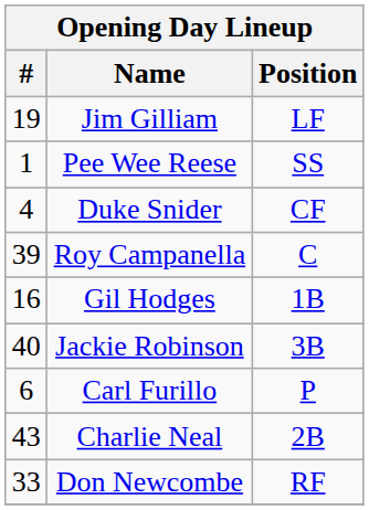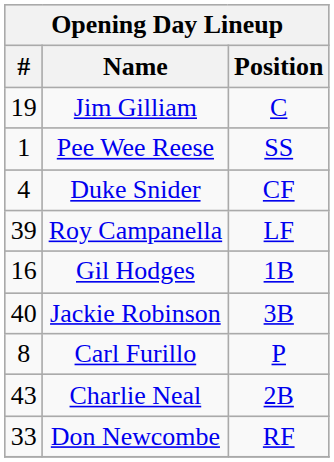 <table class="wikitable" style="text-align:center">
 <tr>
 <th colspan="3">Opening Day Lineup</th>
 </tr>
 <tr>
 <th>#</th>
 <th>Name</th>
 <th>Position</th>
 </tr>
 <tr>
 <td>19</td>
 <td><a href='#'>Jim Gilliam</a></td>
-<td><a href='#'>LF</a></td>
+<td><a href='#'>C</a></td>
 </tr>
 <tr>
 <td>1</td>
 <td><a href='#'>Pee Wee Reese</a></td>
 <td><a href='#'>SS</a></td>
 </tr>
 <tr>
 <td>4</td>
 <td><a href='#'>Duke Snider</a></td>
 <td><a href='#'>CF</a></td>
 </tr>
 <tr>
 <td>39</td>
 <td><a href='#'>Roy Campanella</a></td>
-<td><a href='#'>C</a></td>
+<td><a href='#'>LF</a></td>
 </tr>
 <tr>
 <td>16</td>
 <td><a href='#'>Gil Hodges</a></td>
 <td><a href='#'>1B</a></td>
 </tr>
 <tr>
 <td>40</td>
 <td><a href='#'>Jackie Robinson</a></td>
 <td><a href='#'>3B</a></td>
 </tr>
 <tr>
-<td>6</td>
+<td>8</td>
 <td><a href='#'>Carl Furillo</a></td>
 <td><a href='#'>P</a></td>
 </tr>
 <tr>
 <td>43</td>
 <td><a href='#'>Charlie Neal</a></td>
 <td><a href='#'>2B</a></td>
 </tr>
 <tr>
 <td>33</td>
 <td><a href='#'>Don Newcombe</a></td>
 <td><a href='#'>RF</a></td>
 </tr>
 <tr>
 </tr>
 </table>
